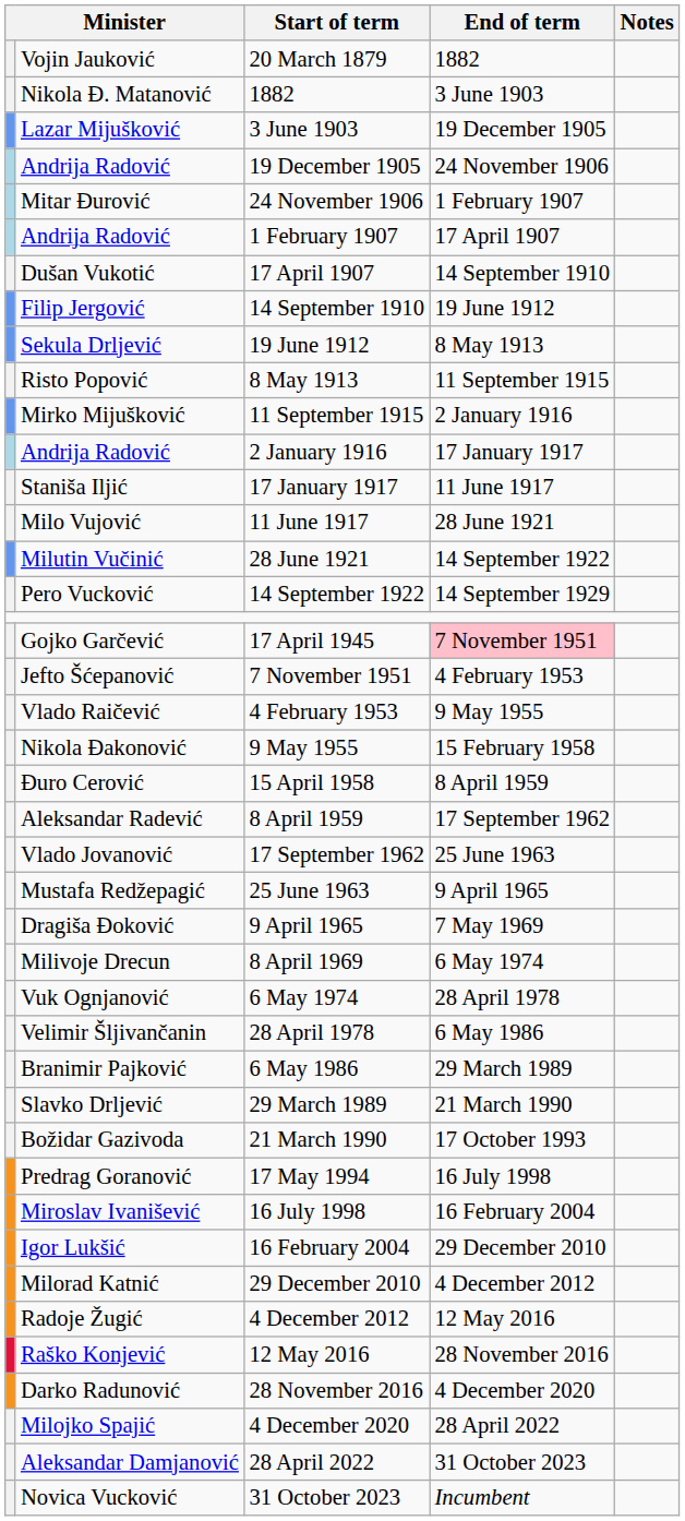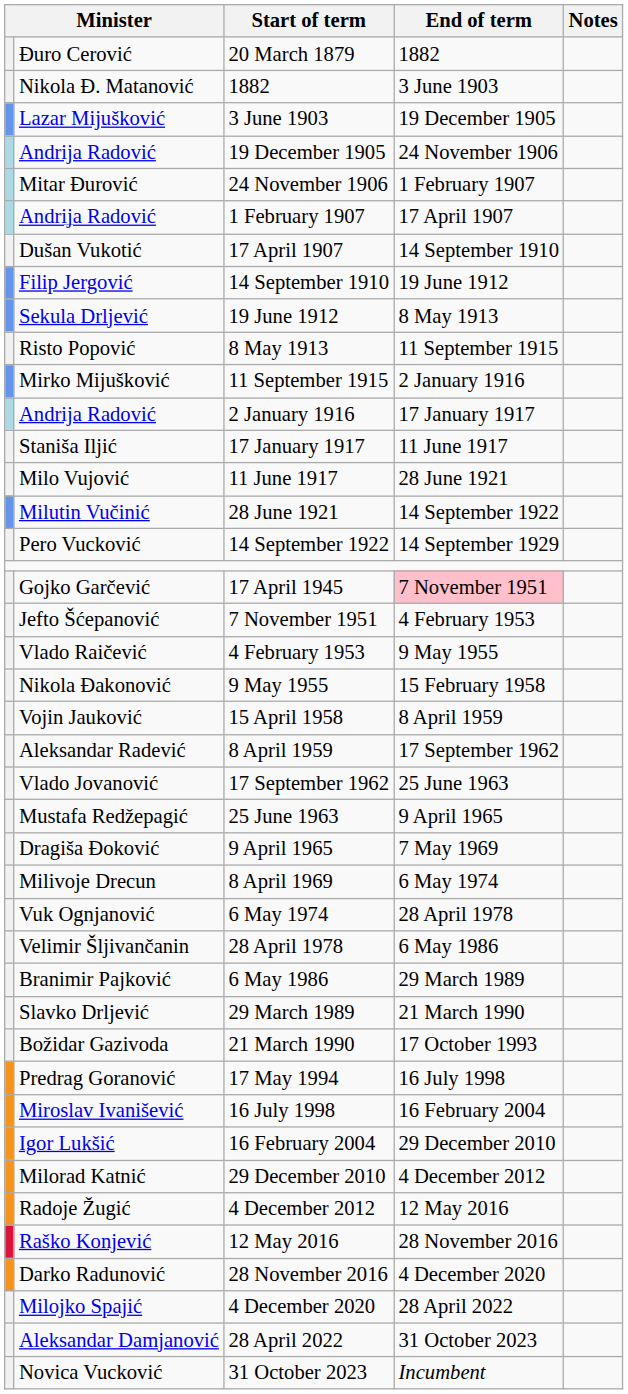 <table class="wikitable">
 <tr>
 <th colspan=2>Minister</th>
 <th>Start of term</th>
 <th>End of term</th>
 <th>Notes</th>
 </tr>
 <tr>
 <th style="background:"></th>
-<td>Vojin Jauković</td>
+<td>Đuro Cerović</td>
 <td>20 March 1879</td>
 <td>1882</td>
 <td></td>
 </tr>
 <tr>
 <th style="background:"></th>
 <td>Nikola Đ. Matanović</td>
 <td>1882</td>
 <td>3 June 1903</td>
 <td></td>
 </tr>
 <tr>
 <th style="background:#6495ED;"></th>
 <td><a href='#'>Lazar Mijušković</a></td>
 <td>3 June 1903</td>
 <td>19 December 1905</td>
 <td></td>
 </tr>
 <tr>
 <th style="background:lightblue;"></th>
 <td><a href='#'>Andrija Radović</a></td>
 <td>19 December 1905</td>
 <td>24 November 1906</td>
 <td></td>
 </tr>
 <tr>
 <th style="background:lightblue;"></th>
 <td>Mitar Đurović</td>
 <td>24 November 1906</td>
 <td>1 February 1907</td>
 <td></td>
 </tr>
 <tr>
 <th style="background:lightblue;"></th>
 <td><a href='#'>Andrija Radović</a></td>
 <td>1 February 1907</td>
 <td>17 April 1907</td>
 <td></td>
 </tr>
 <tr>
 <th style="background:"></th>
 <td>Dušan Vukotić</td>
 <td>17 April 1907</td>
 <td>14 September 1910</td>
 <td></td>
 </tr>
 <tr>
 <th style="background:#6495ED;"></th>
 <td><a href='#'>Filip Jergović</a></td>
 <td>14 September 1910</td>
 <td>19 June 1912</td>
 <td></td>
 </tr>
 <tr>
 <th style="background:#6495ED;"></th>
 <td><a href='#'>Sekula Drljević</a></td>
 <td>19 June 1912</td>
 <td>8 May 1913</td>
 <td></td>
 </tr>
 <tr>
 <th style="background:"></th>
 <td>Risto Popović</td>
 <td>8 May 1913</td>
 <td>11 September 1915</td>
 <td></td>
 </tr>
 <tr>
 <th style="background:#6495ED;"></th>
 <td>Mirko Mijušković</td>
 <td>11 September 1915</td>
 <td>2 January 1916</td>
 <td></td>
 </tr>
 <tr>
 <th style="background:lightblue;"></th>
 <td><a href='#'>Andrija Radović</a></td>
 <td>2 January 1916</td>
 <td>17 January 1917</td>
 <td></td>
 </tr>
 <tr>
 <th style="background:"></th>
 <td>Staniša Iljić</td>
 <td>17 January 1917</td>
 <td>11 June 1917</td>
 <td></td>
 </tr>
 <tr>
 <th style="background:"></th>
 <td>Milo Vujović</td>
 <td>11 June 1917</td>
 <td>28 June 1921</td>
 <td></td>
 </tr>
 <tr>
 <th style="background:#6495ED;"></th>
 <td><a href='#'>Milutin Vučinić</a></td>
 <td>28 June 1921</td>
 <td>14 September 1922</td>
 <td></td>
 </tr>
 <tr>
 <th style="background:"></th>
 <td>Pero Vucković</td>
 <td>14 September 1922</td>
 <td>14 September 1929</td>
 <td></td>
 </tr>
 <tr>
 <td colspan="5"></td>
 </tr>
 <tr>
 <th style="background:"></th>
 <td>Gojko Garčević</td>
 <td>17 April 1945</td>
 <td style="background: pink;">7 November 1951</td>
 <td></td>
 </tr>
 <tr>
 <th style="background:"></th>
 <td>Jefto Šćepanović</td>
 <td>7 November 1951</td>
 <td>4 February 1953</td>
 <td></td>
 </tr>
 <tr>
 <th style="background:"></th>
 <td>Vlado Raičević</td>
 <td>4 February 1953</td>
 <td>9 May 1955</td>
 <td></td>
 </tr>
 <tr>
 <th style="background:"></th>
 <td>Nikola Đakonović</td>
 <td>9 May 1955</td>
 <td>15 February 1958</td>
 <td></td>
 </tr>
 <tr>
 <th style="background:"></th>
-<td>Đuro Cerović</td>
+<td>Vojin Jauković</td>
 <td>15 April 1958</td>
 <td>8 April 1959</td>
 <td></td>
 </tr>
 <tr>
 <th style="background:"></th>
 <td>Aleksandar Radević</td>
 <td>8 April 1959</td>
 <td>17 September 1962</td>
 <td></td>
 </tr>
 <tr>
 <th style="background:"></th>
 <td>Vlado Jovanović</td>
 <td>17 September 1962</td>
 <td>25 June 1963</td>
 <td></td>
 </tr>
 <tr>
 <th style="background:"></th>
 <td>Mustafa Redžepagić</td>
 <td>25 June 1963</td>
 <td>9 April 1965</td>
 <td></td>
 </tr>
 <tr>
 <th style="background:"></th>
 <td>Dragiša Đoković</td>
 <td>9 April 1965</td>
 <td>7 May 1969</td>
 <td></td>
 </tr>
 <tr>
 <th style="background:"></th>
 <td>Milivoje Drecun</td>
 <td>8 April 1969</td>
 <td>6 May 1974</td>
 <td></td>
 </tr>
 <tr>
 <th style="background:"></th>
 <td>Vuk Ognjanović</td>
 <td>6 May 1974</td>
 <td>28 April 1978</td>
 <td></td>
 </tr>
 <tr>
 <th style="background:"></th>
 <td>Velimir Šljivančanin</td>
 <td>28 April 1978</td>
 <td>6 May 1986</td>
 <td></td>
 </tr>
 <tr>
 <th style="background:"></th>
 <td>Branimir Pajković</td>
 <td>6 May 1986</td>
 <td>29 March 1989</td>
 <td></td>
 </tr>
 <tr>
 <th style="background:"></th>
 <td>Slavko Drljević</td>
 <td>29 March 1989</td>
 <td>21 March 1990</td>
 <td></td>
 </tr>
 <tr>
 <th style="background:"></th>
 <td>Božidar Gazivoda</td>
 <td>21 March 1990</td>
 <td>17 October 1993</td>
 <td></td>
 </tr>
 <tr>
 <th style="background:#F6931D;"></th>
 <td>Predrag Goranović</td>
 <td>17 May 1994</td>
 <td>16 July 1998</td>
 <td></td>
 </tr>
 <tr>
 <th style="background:#F6931D;"></th>
 <td><a href='#'>Miroslav Ivanišević</a></td>
 <td>16 July 1998</td>
 <td>16 February 2004</td>
 <td></td>
 </tr>
 <tr>
 <th style="background:#F6931D;"></th>
 <td><a href='#'>Igor Lukšić</a></td>
 <td>16 February 2004</td>
 <td>29 December 2010</td>
 <td></td>
 </tr>
 <tr>
 <th style="background:#F6931D;"></th>
 <td>Milorad Katnić</td>
 <td>29 December 2010</td>
 <td>4 December 2012</td>
 <td></td>
 </tr>
 <tr>
 <th style="background:#F6931D;"></th>
 <td>Radoje Žugić</td>
 <td>4 December 2012</td>
 <td>12 May 2016</td>
 <td></td>
 </tr>
 <tr>
 <th style="background:#DC143C;"></th>
 <td><a href='#'>Raško Konjević</a></td>
 <td>12 May 2016</td>
 <td>28 November 2016</td>
 <td></td>
 </tr>
 <tr>
 <th style="background:#F6931D;"></th>
 <td>Darko Radunović</td>
 <td>28 November 2016</td>
 <td>4 December 2020</td>
 <td></td>
 </tr>
 <tr>
 <th style="background:"></th>
 <td><a href='#'>Milojko Spajić</a></td>
 <td>4 December 2020</td>
 <td>28 April 2022</td>
 <td></td>
 </tr>
 <tr>
 <th style="background:"></th>
 <td><a href='#'>Aleksandar Damjanović</a></td>
 <td>28 April 2022</td>
 <td>31 October 2023</td>
 <td></td>
 </tr>
 <tr>
 <th style="background:"></th>
 <td>Novica Vucković</td>
 <td>31 October 2023</td>
 <td><em>Incumbent</em></td>
 <td></td>
 </tr>
 </table>
